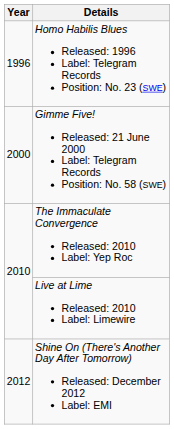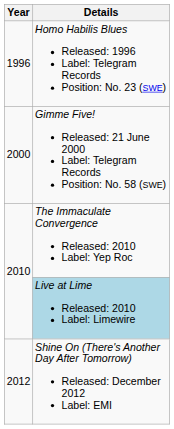 <table class="wikitable">
 <tr>
 <th>Year</th>
 <th width="200">Details</th>
 </tr>
 <tr>
 <td>1996</td>
 <td><em>Homo Habilis Blues</em><br><ul><li>Released: 1996</li><li>Label: Telegram Records</li><li>Position: No. 23 (<small><a href='#'>SWE</a></small>)</li></ul></td>
 </tr>
 <tr>
 <td>2000</td>
 <td><em>Gimme Five!</em><br><ul><li>Released: 21 June 2000</li><li>Label: Telegram Records</li><li>Position: No. 58 (<small>SWE</small>)</li></ul></td>
 </tr>
 <tr>
 <td rowspan="2">2010</td>
 <td><em>The Immaculate Convergence</em><br><ul><li>Released: 2010</li><li>Label: Yep Roc</li></ul></td>
 </tr>
 <tr>
-<td><em>Live at Lime</em><br><ul><li>Released: 2010</li><li>Label: Limewire</li></ul></td>
+<td style="background: lightblue;"><em>Live at Lime</em><br><ul><li>Released: 2010</li><li>Label: Limewire</li></ul></td>
 </tr>
 <tr>
 <td>2012</td>
 <td><em>Shine On (There's Another Day After Tomorrow)</em><br><ul><li>Released: December 2012</li><li>Label: EMI</li></ul></td>
 </tr>
 </table>
